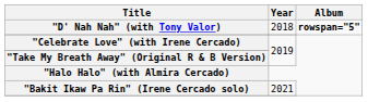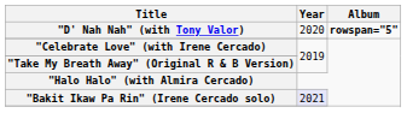 <table class="wikitable plainrowheaders" style="text-align:center;">
 <tr>
 <th scope="col">Title</th>
 <th scope="col">Year</th>
 <th scope="col">Album</th>
 </tr>
 <tr>
 <th scope="row">"D' Nah Nah" (with <a href='#'>Tony Valor</a>)</th>
-<td>2018</td>
+<td>2020</td>
 <td><strong>rowspan="5" </strong></td>
 </tr>
 <tr>
 </tr>
 <tr>
 <th scope="row">"Celebrate Love" (with Irene Cercado)</th>
 <td rowspan="3">2019</td>
 </tr>
 <tr>
 </tr>
 <tr>
 <th scope="row">"Take My Breath Away" (Original R & B Version)</th>
 </tr>
 <tr>
 <th scope="row">"Halo Halo" (with Almira Cercado)</th>
 </tr>
 <tr>
 <th scope="row">"Bakit Ikaw Pa Rin" (Irene Cercado solo)</th>
-<td>2021</td>
+<td style="background: lavender;">2021</td>
 </tr>
 <tr>
 </tr>
 </table>
